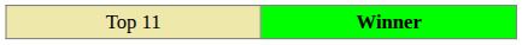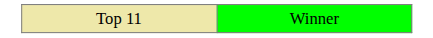 <table border="2" cellpadding="4"  style="background:solid gray; border:1px solid gray; border-collapse:collapse; margin:0 1em 1em 0; text-align:center; margin:auto;">
 <tr>
 </tr>
 <tr>
 <td style="background:palegoldenrod; width:15%;">Top 11</td>
-<td style="background:lime; width:15%;"><strong>Winner</strong></td>
+<td style="background:lime; width:15%;">Winner</td>
 </tr>
 </table>
